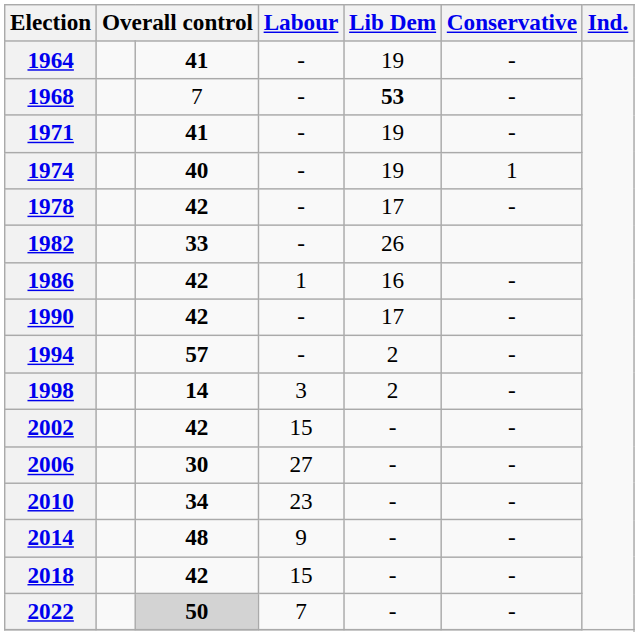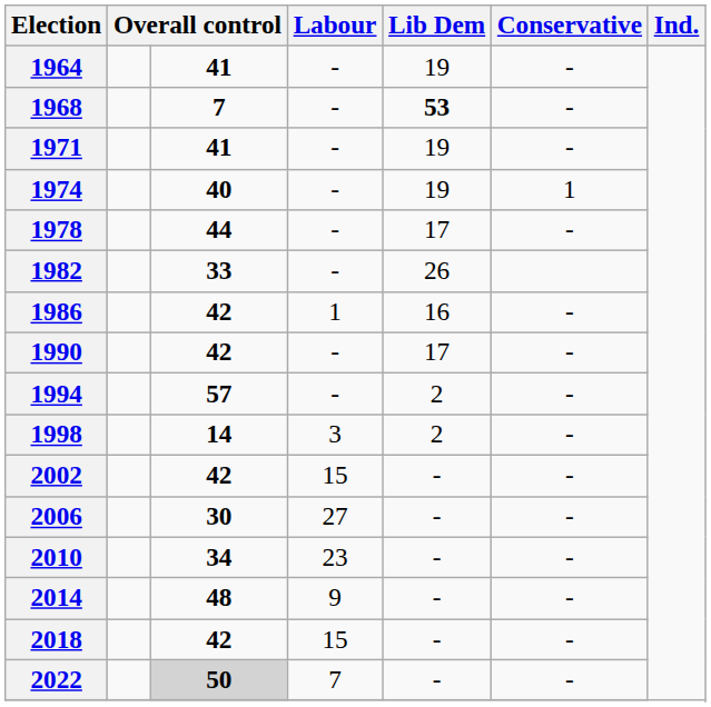 <table class="wikitable">
 <tr>
 <th><strong>Election</strong></th>
 <th colspan=2><strong>Overall control</strong></th>
 <th><a href='#'>Labour</a></th>
 <th><a href='#'>Lib Dem</a></th>
 <th><a href='#'>Conservative</a></th>
 <th><a href='#'>Ind.</a></th>
 </tr>
 <tr>
 <th><a href='#'>1964</a></th>
 <td></td>
 <td style="text-align: center;"><strong>41</strong></td>
 <td style="text-align: center;">-</td>
 <td style="text-align: center;">19</td>
 <td style="text-align: center;">-</td>
 </tr>
 <tr>
 <th><a href='#'>1968</a></th>
 <td></td>
-<td style="text-align: center;">7</td>
+<td style="text-align: center;"><strong>7</strong></td>
 <td style="text-align: center;">-</td>
 <td style="text-align: center;"><strong>53</strong></td>
 <td style="text-align: center;">-</td>
 </tr>
 <tr>
 <th><a href='#'>1971</a></th>
 <td></td>
 <td style="text-align: center;"><strong>41</strong></td>
 <td style="text-align: center;">-</td>
 <td style="text-align: center;">19</td>
 <td style="text-align: center;">-</td>
 </tr>
 <tr>
 <th><a href='#'>1974</a></th>
 <td></td>
 <td style="text-align: center;"><strong>40</strong></td>
 <td style="text-align: center;">-</td>
 <td style="text-align: center;">19</td>
 <td style="text-align: center;">1</td>
 </tr>
 <tr>
 <th><a href='#'>1978</a></th>
 <td></td>
-<td style="text-align: center;"><strong>42</strong></td>
+<td style="text-align: center;"><strong>44</strong></td>
 <td style="text-align: center;">-</td>
 <td style="text-align: center;">17</td>
 <td style="text-align: center;">-</td>
 </tr>
 <tr>
 <th><a href='#'>1982</a></th>
 <td></td>
 <td style="text-align: center;"><strong>33</strong></td>
 <td style="text-align: center;">-</td>
 <td style="text-align: center;">26</td>
 <td style="text-align: center;"></td>
 </tr>
 <tr>
 <th><a href='#'>1986</a></th>
 <td></td>
 <td style="text-align: center;"><strong>42</strong></td>
 <td style="text-align: center;">1</td>
 <td style="text-align: center;">16</td>
 <td style="text-align: center;">-</td>
 </tr>
 <tr>
 <th><a href='#'>1990</a></th>
 <td></td>
 <td style="text-align: center;"><strong>42</strong></td>
 <td style="text-align: center;">-</td>
 <td style="text-align: center;">17</td>
 <td style="text-align: center;">-</td>
 </tr>
 <tr>
 <th><a href='#'>1994</a></th>
 <td></td>
 <td style="text-align: center;"><strong>57</strong></td>
 <td style="text-align: center;">-</td>
 <td style="text-align: center;">2</td>
 <td style="text-align: center;">-</td>
 </tr>
 <tr>
 <th><a href='#'>1998</a></th>
 <td></td>
 <td style="text-align: center;"><strong>14</strong></td>
 <td style="text-align: center;">3</td>
 <td style="text-align: center;">2</td>
 <td style="text-align: center;">-</td>
 </tr>
 <tr>
 <th><a href='#'>2002</a></th>
 <td></td>
 <td style="text-align: center;"><strong>42</strong></td>
 <td style="text-align: center;">15</td>
 <td style="text-align: center;">-</td>
 <td style="text-align: center;">-</td>
 </tr>
 <tr>
 <th><a href='#'>2006</a></th>
 <td></td>
 <td style="text-align: center;"><strong>30</strong></td>
 <td style="text-align: center;">27</td>
 <td style="text-align: center;">-</td>
 <td style="text-align: center;">-</td>
 </tr>
 <tr>
 <th><a href='#'>2010</a></th>
 <td></td>
 <td style="text-align: center;"><strong>34</strong></td>
 <td style="text-align: center;">23</td>
 <td style="text-align: center;">-</td>
 <td style="text-align: center;">-</td>
 </tr>
 <tr>
 <th><a href='#'>2014</a></th>
 <td></td>
 <td style="text-align: center;"><strong>48</strong></td>
 <td style="text-align: center;">9</td>
 <td style="text-align: center;">-</td>
 <td style="text-align: center;">-</td>
 </tr>
 <tr>
 <th><a href='#'>2018</a></th>
 <td></td>
 <td style="text-align: center;"><strong>42</strong></td>
 <td style="text-align: center;">15</td>
 <td style="text-align: center;">-</td>
 <td style="text-align: center;">-</td>
 </tr>
 <tr>
 <th><a href='#'>2022</a></th>
 <td></td>
 <td style="background: lightgrey; text-align: center;"><strong>50</strong></td>
 <td style="text-align: center;">7</td>
 <td style="text-align: center;">-</td>
 <td style="text-align: center;">-</td>
 </tr>
 <tr>
 </tr>
 </table>
